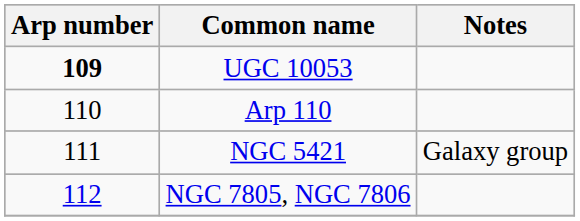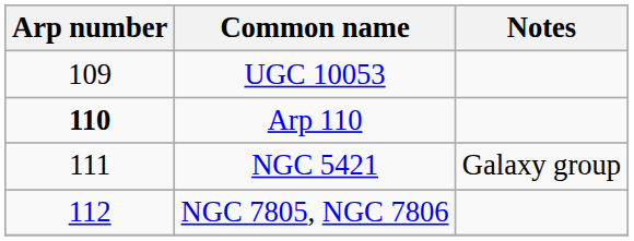 <table class="wikitable" style="text-align:center;">
 <tr>
 <th>Arp number</th>
 <th>Common name</th>
 <th>Notes</th>
 </tr>
 <tr>
-<td><strong>109</strong></td>
+<td>109</td>
 <td><a href='#'>UGC 10053</a></td>
 <td></td>
 </tr>
 <tr>
-<td>110</td>
+<td><strong>110</strong></td>
 <td><a href='#'>Arp 110</a></td>
 <td></td>
 </tr>
 <tr>
 <td>111</td>
 <td><a href='#'>NGC 5421</a></td>
 <td>Galaxy group</td>
 </tr>
 <tr>
 <td><a href='#'>112</a></td>
 <td><a href='#'>NGC 7805</a>, <a href='#'>NGC 7806</a></td>
 <td></td>
 </tr>
 <tr>
 </tr>
 </table>
